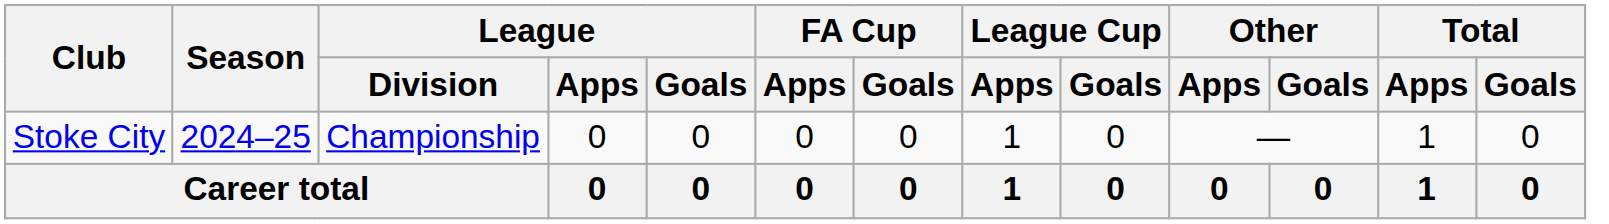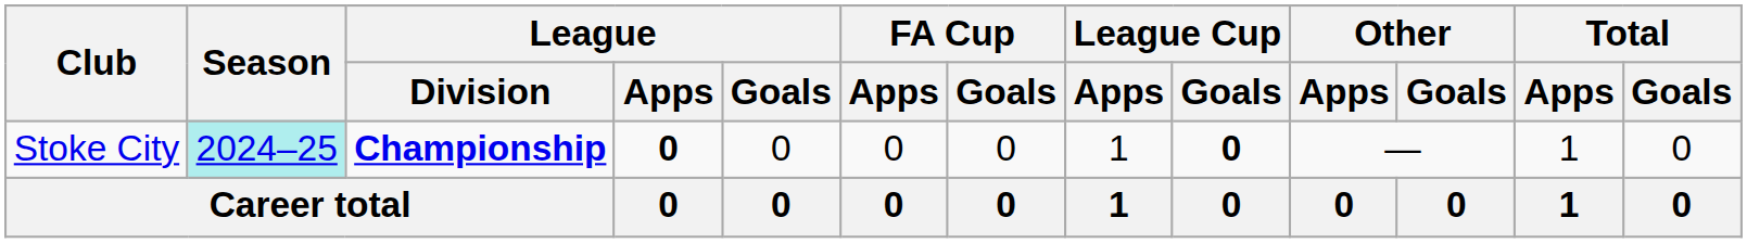 <table class="wikitable" style="text-align: center;">
 <tr>
 <th rowspan="2">Club</th>
 <th rowspan="2">Season</th>
 <th colspan="3">League</th>
 <th colspan="2">FA Cup</th>
 <th colspan="2">League Cup</th>
 <th colspan="2">Other</th>
 <th colspan="2">Total</th>
 </tr>
 <tr>
 <th>Division</th>
 <th>Apps</th>
 <th>Goals</th>
 <th>Apps</th>
 <th>Goals</th>
 <th>Apps</th>
 <th>Goals</th>
 <th>Apps</th>
 <th>Goals</th>
 <th>Apps</th>
 <th>Goals</th>
 </tr>
 <tr>
 <td><a href='#'>Stoke City</a></td>
-<td><a href='#'>2024–25</a></td>
-<td><a href='#'>Championship</a></td>
-<td>0</td>
+<td style="background: paleturquoise;"><a href='#'>2024–25</a></td>
+<td><strong><a href='#'>Championship</a></strong></td>
+<td><strong>0</strong></td>
 <td>0</td>
 <td>0</td>
 <td>0</td>
 <td>1</td>
-<td>0</td>
+<td><strong>0</strong></td>
 <td colspan=2>—</td>
 <td>1</td>
 <td>0</td>
 </tr>
 <tr>
 <th colspan="3">Career total</th>
 <th>0</th>
 <th>0</th>
 <th>0</th>
 <th>0</th>
 <th>1</th>
 <th>0</th>
 <th>0</th>
 <th>0</th>
 <th>1</th>
 <th>0</th>
 </tr>
 </table>
